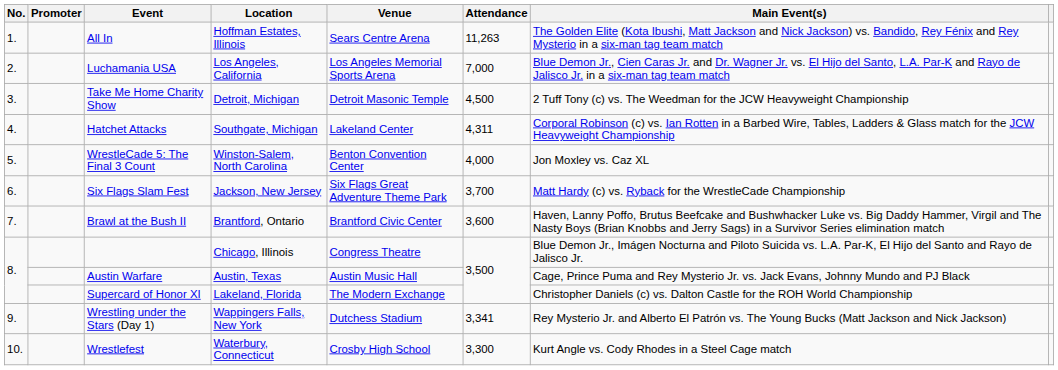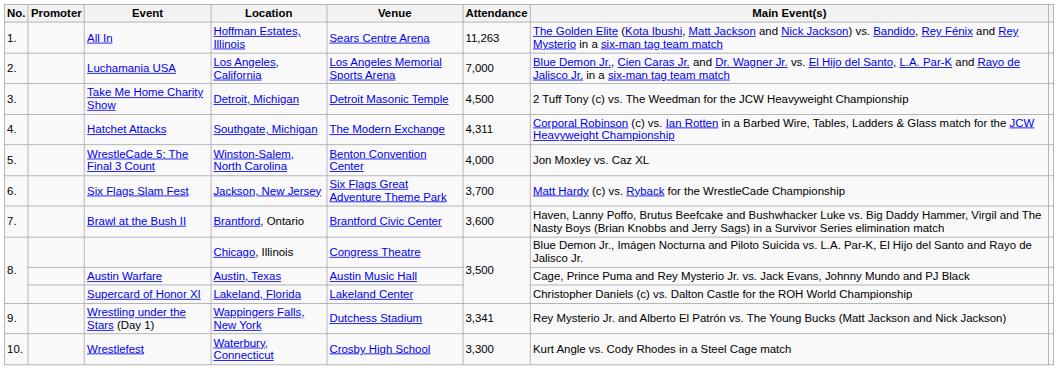 <table class="wikitable sortable" style="font-size:85%;">
 <tr>
 <th>No.</th>
 <th>Promoter</th>
 <th>Event</th>
 <th>Location</th>
 <th>Venue</th>
 <th>Attendance</th>
 <th class=unsortable>Main Event(s)</th>
 <th class=unsortable></th>
 </tr>
 <tr>
 <td>1.</td>
 <td></td>
 <td><a href='#'>All In</a> <br> </td>
 <td><a href='#'>Hoffman Estates, Illinois</a></td>
 <td><a href='#'>Sears Centre Arena</a></td>
 <td>11,263</td>
 <td><a href='#'>The Golden Elite</a> (<a href='#'>Kota Ibushi</a>, <a href='#'>Matt Jackson</a> and <a href='#'>Nick Jackson</a>) vs. <a href='#'>Bandido</a>, <a href='#'>Rey Fénix</a> and <a href='#'>Rey Mysterio</a> in a <a href='#'>six-man tag team match</a></td>
 <td></td>
 </tr>
 <tr>
 <td>2.</td>
 <td></td>
 <td><a href='#'>Luchamania USA</a> <br> </td>
 <td><a href='#'>Los Angeles, California</a></td>
 <td><a href='#'>Los Angeles Memorial Sports Arena</a></td>
 <td>7,000</td>
 <td><a href='#'>Blue Demon Jr.</a>, <a href='#'>Cien Caras Jr.</a> and <a href='#'>Dr. Wagner Jr.</a> vs. <a href='#'>El Hijo del Santo</a>, <a href='#'>L.A. Par-K</a> and <a href='#'>Rayo de Jalisco Jr.</a> in a <a href='#'>six-man tag team match</a></td>
 <td></td>
 </tr>
 <tr>
 <td>3.</td>
 <td></td>
 <td><a href='#'>Take Me Home Charity Show</a> <br> </td>
 <td><a href='#'>Detroit, Michigan</a></td>
 <td><a href='#'>Detroit Masonic Temple</a></td>
 <td>4,500</td>
 <td>2 Tuff Tony (c) vs. The Weedman for the JCW Heavyweight Championship</td>
 <td></td>
 </tr>
 <tr>
 <td>4.</td>
 <td></td>
 <td><a href='#'>Hatchet Attacks</a> <br> </td>
 <td><a href='#'>Southgate, Michigan</a></td>
-<td><a href='#'>Lakeland Center</a></td>
+<td><a href='#'>The Modern Exchange</a></td>
 <td>4,311</td>
 <td><a href='#'>Corporal Robinson</a> (c) vs. <a href='#'>Ian Rotten</a> in a Barbed Wire, Tables, Ladders & Glass match for the <a href='#'>JCW Heavyweight Championship</a></td>
 <td></td>
 </tr>
 <tr>
 <td>5.</td>
 <td></td>
 <td><a href='#'>WrestleCade 5: The Final 3 Count</a> <br> </td>
 <td><a href='#'>Winston-Salem, North Carolina</a></td>
 <td><a href='#'>Benton Convention Center</a></td>
 <td>4,000</td>
 <td>Jon Moxley vs. Caz XL</td>
 <td></td>
 </tr>
 <tr>
 <td>6.</td>
 <td></td>
 <td><a href='#'>Six Flags Slam Fest</a> <br> </td>
 <td><a href='#'>Jackson, New Jersey</a></td>
 <td><a href='#'>Six Flags Great Adventure Theme Park</a></td>
 <td>3,700</td>
 <td><a href='#'>Matt Hardy</a> (c) vs. <a href='#'>Ryback</a> for the WrestleCade Championship</td>
 <td></td>
 </tr>
 <tr>
 <td>7.</td>
 <td></td>
 <td><a href='#'>Brawl at the Bush II</a> <br> </td>
 <td><a href='#'>Brantford</a>, Ontario</td>
 <td><a href='#'>Brantford Civic Center</a></td>
 <td>3,600</td>
 <td>Haven, Lanny Poffo, Brutus Beefcake and Bushwhacker Luke vs. Big Daddy Hammer, Virgil and The Nasty Boys (Brian Knobbs and Jerry Sags) in a Survivor Series elimination match</td>
 <td></td>
 </tr>
 <tr>
 <td rowspan="3">8.</td>
 <td></td>
 <td><br> </td>
 <td><a href='#'>Chicago</a>, Illinois</td>
 <td><a href='#'>Congress Theatre</a></td>
 <td rowspan="3">3,500</td>
 <td>Blue Demon Jr., Imágen Nocturna and Piloto Suicida vs. L.A. Par-K, El Hijo del Santo and Rayo de Jalisco Jr.</td>
 <td></td>
 </tr>
 <tr>
 <td></td>
 <td><a href='#'>Austin Warfare</a> <br> </td>
 <td><a href='#'>Austin, Texas</a></td>
 <td><a href='#'>Austin Music Hall</a></td>
 <td>Cage, Prince Puma and Rey Mysterio Jr. vs. Jack Evans, Johnny Mundo and PJ Black</td>
 <td></td>
 </tr>
 <tr>
 <td></td>
 <td><a href='#'>Supercard of Honor XI</a> <br> </td>
 <td><a href='#'>Lakeland, Florida</a></td>
-<td><a href='#'>The Modern Exchange</a></td>
+<td><a href='#'>Lakeland Center</a></td>
 <td>Christopher Daniels (c) vs. Dalton Castle for the ROH World Championship</td>
 <td></td>
 </tr>
 <tr>
 <td>9.</td>
 <td></td>
 <td><a href='#'>Wrestling under the Stars</a> (Day 1) <br> </td>
 <td><a href='#'>Wappingers Falls, New York</a></td>
 <td><a href='#'>Dutchess Stadium</a></td>
 <td>3,341</td>
 <td>Rey Mysterio Jr. and Alberto El Patrón vs. The Young Bucks (Matt Jackson and Nick Jackson)</td>
 <td></td>
 </tr>
 <tr>
 <td>10.</td>
 <td></td>
 <td><a href='#'>Wrestlefest</a> <br> </td>
 <td><a href='#'>Waterbury, Connecticut</a></td>
 <td><a href='#'>Crosby High School</a></td>
 <td>3,300</td>
 <td>Kurt Angle vs. Cody Rhodes in a Steel Cage match</td>
 <td></td>
 </tr>
 </table>
